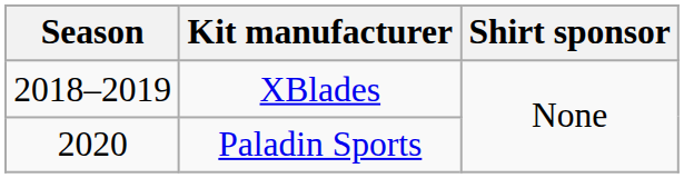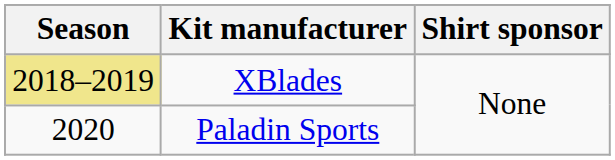 <table class="wikitable" style="text-align: center">
 <tr>
 <th>Season</th>
 <th>Kit manufacturer</th>
 <th>Shirt sponsor</th>
 </tr>
 <tr>
-<td>2018–2019</td>
+<td style="background: khaki;">2018–2019</td>
 <td><a href='#'>XBlades</a></td>
 <td rowspan="2">None</td>
 </tr>
 <tr>
 <td>2020</td>
 <td><a href='#'>Paladin Sports</a></td>
 </tr>
 </table>
